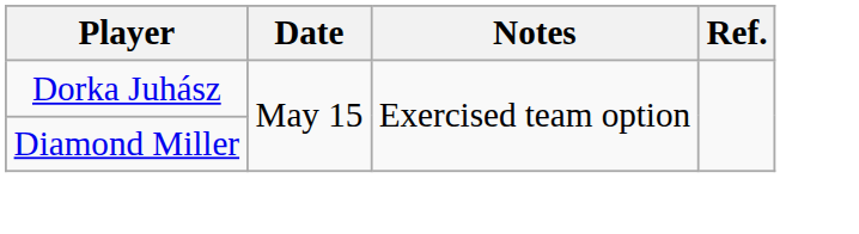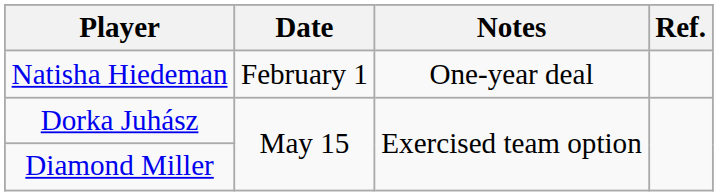 <table class="wikitable sortable sortable" style="text-align: center">
 <tr>
 <th>Player</th>
 <th>Date</th>
 <th>Notes</th>
 <th>Ref.</th>
+</tr>
+<tr>
+<td><a href='#'>Natisha Hiedeman</a></td>
+<td>February 1</td>
+<td>One-year deal</td>
+<td></td>
 </tr>
 <tr>
 <td><a href='#'>Dorka Juhász</a></td>
 <td rowspan=2>May 15</td>
 <td rowspan=2>Exercised team option<br></td>
 <td rowspan=2></td>
 </tr>
 <tr>
 <td><a href='#'>Diamond Miller</a></td>
 </tr>
 </table>
